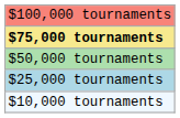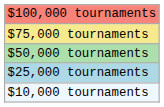 <table class=wikitable style=font-size:85%>
 <tr bgcolor="#F88379">
 <td>$100,000 tournaments</td>
 </tr>
 <tr bgcolor="#F7E98E">
-<td><strong>$75,000 tournaments</strong></td>
+<td>$75,000 tournaments</td>
 </tr>
 <tr bgcolor="#addfad">
 <td>$50,000 tournaments</td>
 </tr>
 <tr bgcolor=lightblue>
 <td>$25,000 tournaments</td>
 </tr>
 <tr bgcolor=f0f8ff>
 <td>$10,000 tournaments</td>
 </tr>
 </table>
